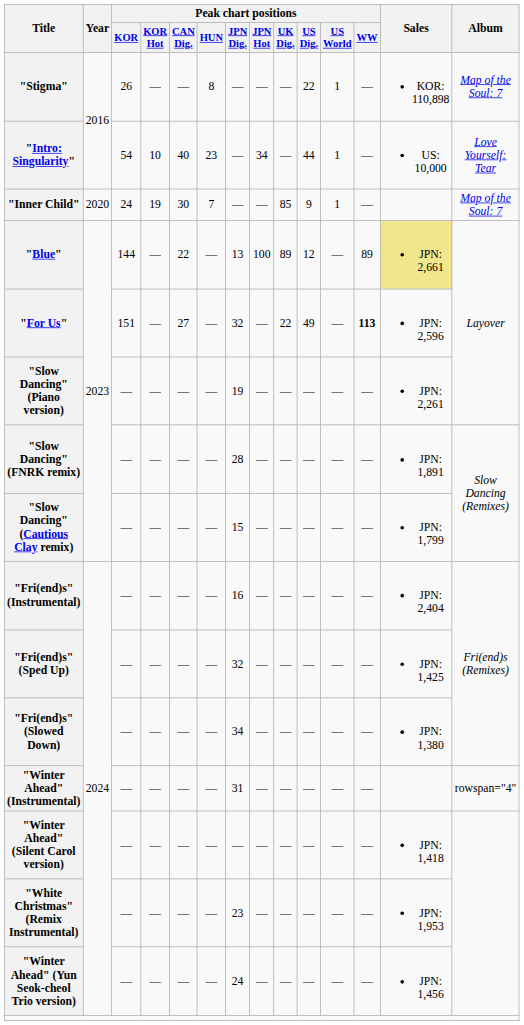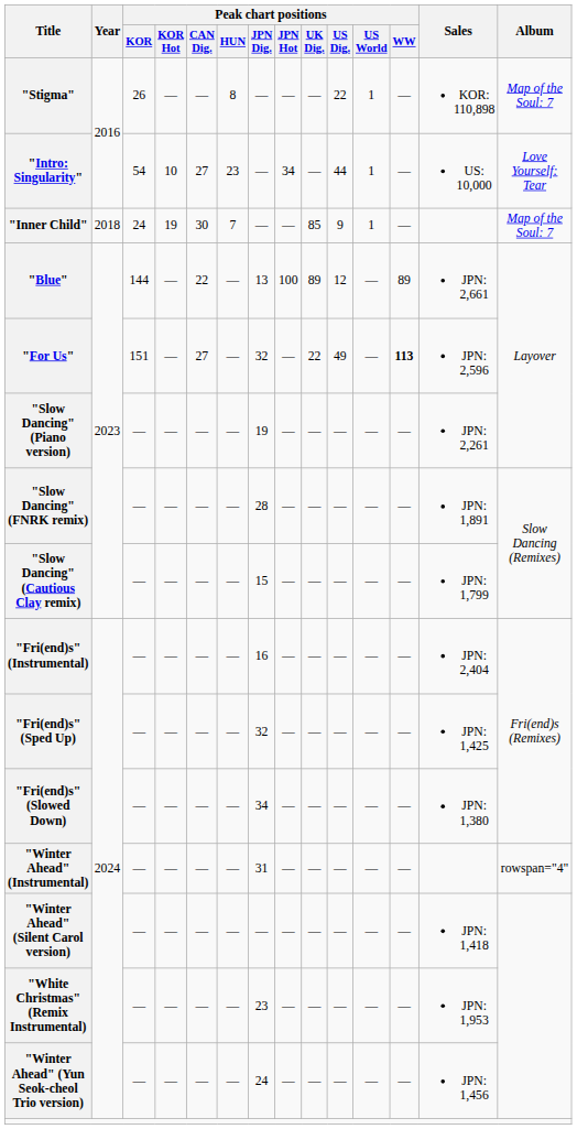 <table class="wikitable plainrowheaders" style="text-align:center;">
 <tr>
 <th scope="col" rowspan="2">Title</th>
 <th scope="col" rowspan="2">Year</th>
 <th scope="col" colspan="10">Peak chart positions</th>
 <th scope="col" rowspan="2" style="width:10em;">Sales</th>
 <th scope="col" rowspan="2">Album</th>
 </tr>
 <tr>
 <th scope="col" style="width:2.8em;font-size:90%;"><a href='#'>KOR</a><br></th>
 <th scope="col" style="width:2.8em;font-size:90%;"><a href='#'>KOR Hot</a><br></th>
 <th scope="col" style="width:2.8em;font-size:90%;"><a href='#'>CAN<br>Dig.</a><br></th>
 <th scope="col" style="width:2.8em;font-size:90%;"><a href='#'>HUN</a><br></th>
 <th scope="col" style="width:2.8em;font-size:90%;"><a href='#'>JPN<br>Dig.</a><br></th>
 <th scope="col" style="width:2.8em;font-size:90%;"><a href='#'>JPN<br>Hot</a><br></th>
 <th scope="col" style="width:2.8em;font-size:90%;"><a href='#'>UK<br>Dig.</a><br></th>
 <th scope="col" style="width:2.8em;font-size:90%;"><a href='#'>US<br>Dig.</a><br></th>
 <th scope="col" style="width:2.8em;font-size:90%;"><a href='#'>US World</a><br></th>
 <th scope="col" style="width:2.8em;font-size:90%;"><a href='#'>WW</a><br></th>
 </tr>
 <tr>
 <th scope="row">"Stigma"</th>
 <td rowspan="2">2016</td>
 <td>26</td>
 <td>—</td>
 <td>—</td>
 <td>8</td>
 <td>—</td>
 <td>—</td>
 <td>—</td>
 <td>22</td>
 <td>1</td>
 <td>—</td>
 <td><br><ul><li>KOR: 110,898</li></ul></td>
 <td><em><a href='#'>Map of the Soul: 7</a></em></td>
 </tr>
 <tr>
 <th scope="row">"<a href='#'>Intro: Singularity</a>"</th>
 <td>54</td>
 <td>10</td>
-<td>40</td>
+<td>27</td>
 <td>23</td>
 <td>—</td>
 <td>34</td>
 <td>—</td>
 <td>44</td>
 <td>1</td>
 <td>—</td>
 <td><br><ul><li>US: 10,000</li></ul></td>
 <td><em><a href='#'>Love Yourself: Tear</a></em></td>
 </tr>
 <tr>
 <th scope="row">"Inner Child"</th>
-<td>2020</td>
+<td>2018</td>
 <td>24</td>
 <td>19</td>
 <td>30</td>
 <td>7</td>
 <td>—</td>
 <td>—</td>
 <td>85</td>
 <td>9</td>
 <td>1</td>
 <td>—</td>
 <td></td>
 <td><em><a href='#'>Map of the Soul: 7</a></em></td>
 </tr>
 <tr>
 <th scope="row">"<a href='#'>Blue</a>"</th>
 <td rowspan="5">2023</td>
 <td>144</td>
 <td>—</td>
 <td>22</td>
 <td>—</td>
 <td>13</td>
 <td>100</td>
 <td>89</td>
 <td>12</td>
 <td>—</td>
 <td>89</td>
-<td style="background: khaki;"><br><ul><li>JPN: 2,661</li></ul></td>
+<td><br><ul><li>JPN: 2,661</li></ul></td>
 <td rowspan="3"><em>Layover</em></td>
 </tr>
 <tr>
 <th scope="row">"<a href='#'>For Us</a>"</th>
 <td>151</td>
 <td>—</td>
 <td>27</td>
 <td>—</td>
 <td>32</td>
 <td>—</td>
 <td>22</td>
 <td>49</td>
 <td>—</td>
 <td><strong>113</strong></td>
 <td><br><ul><li>JPN: 2,596</li></ul></td>
 </tr>
 <tr>
 <th scope="row">"Slow Dancing" (Piano version)</th>
 <td>—</td>
 <td>—</td>
 <td>—</td>
 <td>—</td>
 <td>19</td>
 <td>—</td>
 <td>—</td>
 <td>—</td>
 <td>—</td>
 <td>—</td>
 <td><br><ul><li>JPN: 2,261</li></ul></td>
 </tr>
 <tr>
 <th scope="row">"Slow Dancing" (FNRK remix)</th>
 <td>—</td>
 <td>—</td>
 <td>—</td>
 <td>—</td>
 <td>28</td>
 <td>—</td>
 <td>—</td>
 <td>—</td>
 <td>—</td>
 <td>—</td>
 <td><br><ul><li>JPN: 1,891</li></ul></td>
 <td rowspan="2"><em>Slow Dancing (Remixes)</em></td>
 </tr>
 <tr>
 <th scope="row">"Slow Dancing" (<a href='#'>Cautious Clay</a> remix)</th>
 <td>—</td>
 <td>—</td>
 <td>—</td>
 <td>—</td>
 <td>15</td>
 <td>—</td>
 <td>—</td>
 <td>—</td>
 <td>—</td>
 <td>—</td>
 <td><br><ul><li>JPN: 1,799</li></ul></td>
 </tr>
 <tr>
 <th scope="row">"Fri(end)s" (Instrumental)</th>
 <td rowspan="7">2024</td>
 <td>—</td>
 <td>—</td>
 <td>—</td>
 <td>—</td>
 <td>16</td>
 <td>—</td>
 <td>—</td>
 <td>—</td>
 <td>—</td>
 <td>—</td>
 <td><br><ul><li>JPN: 2,404</li></ul></td>
 <td rowspan="3"><em>Fri(end)s (Remixes)</em></td>
 </tr>
 <tr>
 <th scope="row">"Fri(end)s" (Sped Up)</th>
 <td>—</td>
 <td>—</td>
 <td>—</td>
 <td>—</td>
 <td>32</td>
 <td>—</td>
 <td>—</td>
 <td>—</td>
 <td>—</td>
 <td>—</td>
 <td><br><ul><li>JPN: 1,425</li></ul></td>
 </tr>
 <tr>
 <th scope="row">"Fri(end)s" (Slowed Down)</th>
 <td>—</td>
 <td>—</td>
 <td>—</td>
 <td>—</td>
 <td>34</td>
 <td>—</td>
 <td>—</td>
 <td>—</td>
 <td>—</td>
 <td>—</td>
 <td><br><ul><li>JPN: 1,380</li></ul></td>
 </tr>
 <tr>
 <th scope="row">"Winter Ahead" (Instrumental)<br></th>
 <td>—</td>
 <td>—</td>
 <td>—</td>
 <td>—</td>
 <td>31</td>
 <td>—</td>
 <td>—</td>
 <td>—</td>
 <td>—</td>
 <td>—</td>
 <td></td>
 <td>rowspan="4" </td>
 </tr>
 <tr>
 <th scope="row">"Winter Ahead" (Silent Carol version)<br></th>
 <td>—</td>
 <td>—</td>
 <td>—</td>
 <td>—</td>
 <td>—</td>
 <td>—</td>
 <td>—</td>
 <td>—</td>
 <td>—</td>
 <td>—</td>
 <td><br><ul><li>JPN: 1,418</li></ul></td>
 </tr>
 <tr>
 <th scope="row">"White Christmas" (Remix Instrumental)<br></th>
 <td>—</td>
 <td>—</td>
 <td>—</td>
 <td>—</td>
 <td>23</td>
 <td>—</td>
 <td>—</td>
 <td>—</td>
 <td>—</td>
 <td>—</td>
 <td><br><ul><li>JPN: 1,953</li></ul></td>
 </tr>
 <tr>
 <th scope="row">"Winter Ahead" (Yun Seok-cheol Trio version)<br></th>
 <td>—</td>
 <td>—</td>
 <td>—</td>
 <td>—</td>
 <td>24</td>
 <td>—</td>
 <td>—</td>
 <td>—</td>
 <td>—</td>
 <td>—</td>
 <td><br><ul><li>JPN: 1,456</li></ul></td>
 </tr>
 <tr>
 <td colspan="14"></td>
 </tr>
 </table>
